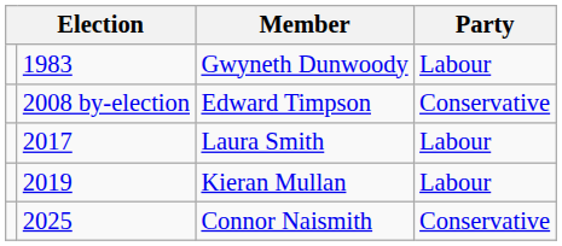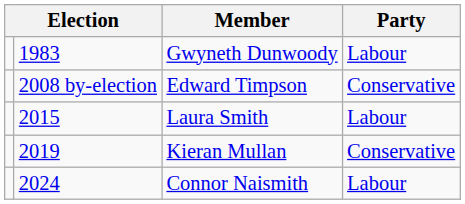 <table class="wikitable">
 <tr>
 <th colspan="2">Election</th>
 <th>Member</th>
 <th>Party</th>
 </tr>
 <tr>
 <td style="color:inherit;background-color: "></td>
 <td><a href='#'>1983</a></td>
 <td><a href='#'>Gwyneth Dunwoody</a></td>
 <td><a href='#'>Labour</a></td>
 </tr>
 <tr>
 <td style="color:inherit;background-color: "></td>
 <td><a href='#'>2008 by-election</a></td>
 <td><a href='#'>Edward Timpson</a></td>
 <td><a href='#'>Conservative</a></td>
 </tr>
 <tr>
 <td style="color:inherit;background-color: "></td>
-<td><a href='#'>2017</a></td>
+<td><a href='#'>2015</a></td>
 <td><a href='#'>Laura Smith</a></td>
 <td><a href='#'>Labour</a></td>
 </tr>
 <tr>
 <td style="color:inherit;background-color: "></td>
 <td><a href='#'>2019</a></td>
 <td><a href='#'>Kieran Mullan</a></td>
-<td><a href='#'>Labour</a></td>
+<td><a href='#'>Conservative</a></td>
 </tr>
 <tr>
 <td style="color:inherit;background-color: "></td>
-<td><a href='#'>2025</a></td>
+<td><a href='#'>2024</a></td>
 <td><a href='#'>Connor Naismith</a></td>
-<td><a href='#'>Conservative</a></td>
+<td><a href='#'>Labour</a></td>
 </tr>
 </table>
